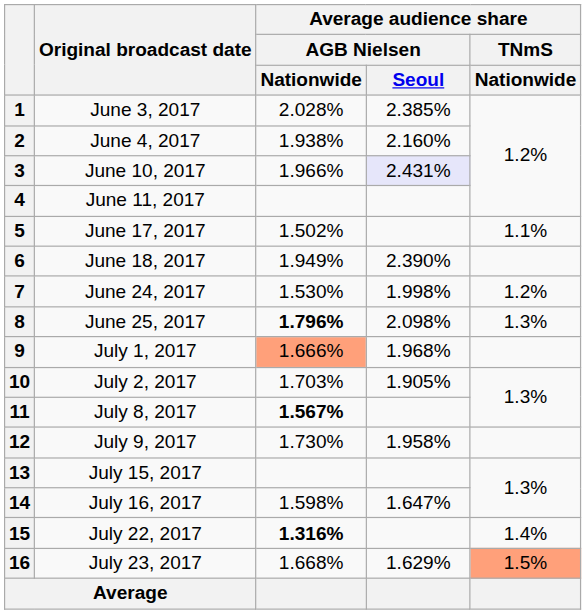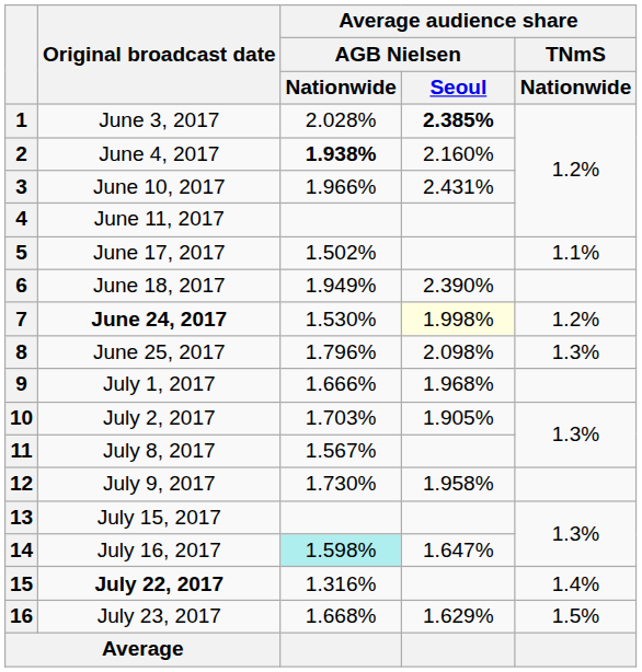 <table class="wikitable" style="text-align:center">
 <tr>
 <th rowspan="3"></th>
 <th rowspan="3">Original broadcast date</th>
 <th colspan="3">Average audience share</th>
 </tr>
 <tr>
 <th colspan="2">AGB Nielsen</th>
 <th>TNmS</th>
 </tr>
 <tr>
 <th width="80">Nationwide</th>
 <th width="80"><a href='#'>Seoul</a></th>
 <th width="80">Nationwide</th>
 </tr>
 <tr>
 <th>1</th>
 <td>June 3, 2017</td>
 <td>2.028%</td>
-<td>2.385%</td>
+<td><strong>2.385%</strong></td>
 <td rowspan="4">1.2%</td>
 </tr>
 <tr>
 <th>2</th>
 <td>June 4, 2017</td>
-<td>1.938%</td>
+<td><strong>1.938%</strong></td>
 <td>2.160%</td>
 </tr>
 <tr>
 <th>3</th>
 <td>June 10, 2017</td>
 <td>1.966%</td>
-<td style="background: lavender;">2.431%</td>
+<td>2.431%</td>
 </tr>
 <tr>
 <th>4</th>
 <td>June 11, 2017</td>
 <td></td>
 <td></td>
 </tr>
 <tr>
 <th>5</th>
 <td>June 17, 2017</td>
 <td>1.502%</td>
 <td></td>
 <td>1.1%</td>
 </tr>
 <tr>
 <th>6</th>
 <td>June 18, 2017</td>
 <td>1.949%</td>
 <td>2.390%</td>
 <td></td>
 </tr>
 <tr>
 <th>7</th>
-<td>June 24, 2017</td>
+<td><strong>June 24, 2017</strong></td>
 <td>1.530%</td>
-<td>1.998%</td>
+<td style="background: lightyellow;">1.998%</td>
 <td>1.2%</td>
 </tr>
 <tr>
 <th>8</th>
 <td>June 25, 2017</td>
-<td><strong>1.796%</strong></td>
+<td>1.796%</td>
 <td>2.098%</td>
 <td>1.3%</td>
 </tr>
 <tr>
 <th>9</th>
 <td>July 1, 2017</td>
-<td style="background: lightsalmon;">1.666%</td>
+<td>1.666%</td>
 <td>1.968%</td>
 <td></td>
 </tr>
 <tr>
 <th>10</th>
 <td>July 2, 2017</td>
 <td>1.703%</td>
 <td>1.905%</td>
 <td rowspan="2">1.3%</td>
 </tr>
 <tr>
 <th>11</th>
 <td>July 8, 2017</td>
-<td><strong>1.567%</strong></td>
+<td>1.567%</td>
 <td></td>
 </tr>
 <tr>
 <th>12</th>
 <td>July 9, 2017</td>
 <td>1.730%</td>
 <td>1.958%</td>
 <td></td>
 </tr>
 <tr>
 <th>13</th>
 <td>July 15, 2017</td>
 <td></td>
 <td></td>
 <td rowspan="2">1.3%</td>
 </tr>
 <tr>
 <th>14</th>
 <td>July 16, 2017</td>
-<td>1.598%</td>
+<td style="background: paleturquoise;">1.598%</td>
 <td>1.647%</td>
 </tr>
 <tr>
 <th>15</th>
-<td>July 22, 2017</td>
-<td><strong>1.316%</strong></td>
+<td><strong>July 22, 2017</strong></td>
+<td>1.316%</td>
 <td></td>
 <td>1.4%</td>
 </tr>
 <tr>
 <th>16</th>
 <td>July 23, 2017</td>
 <td>1.668%</td>
 <td>1.629%</td>
-<td style="background: lightsalmon;">1.5%</td>
+<td>1.5%</td>
 </tr>
 <tr>
 <th colspan="2">Average</th>
 <th></th>
 <th></th>
 <th></th>
 </tr>
 </table>
